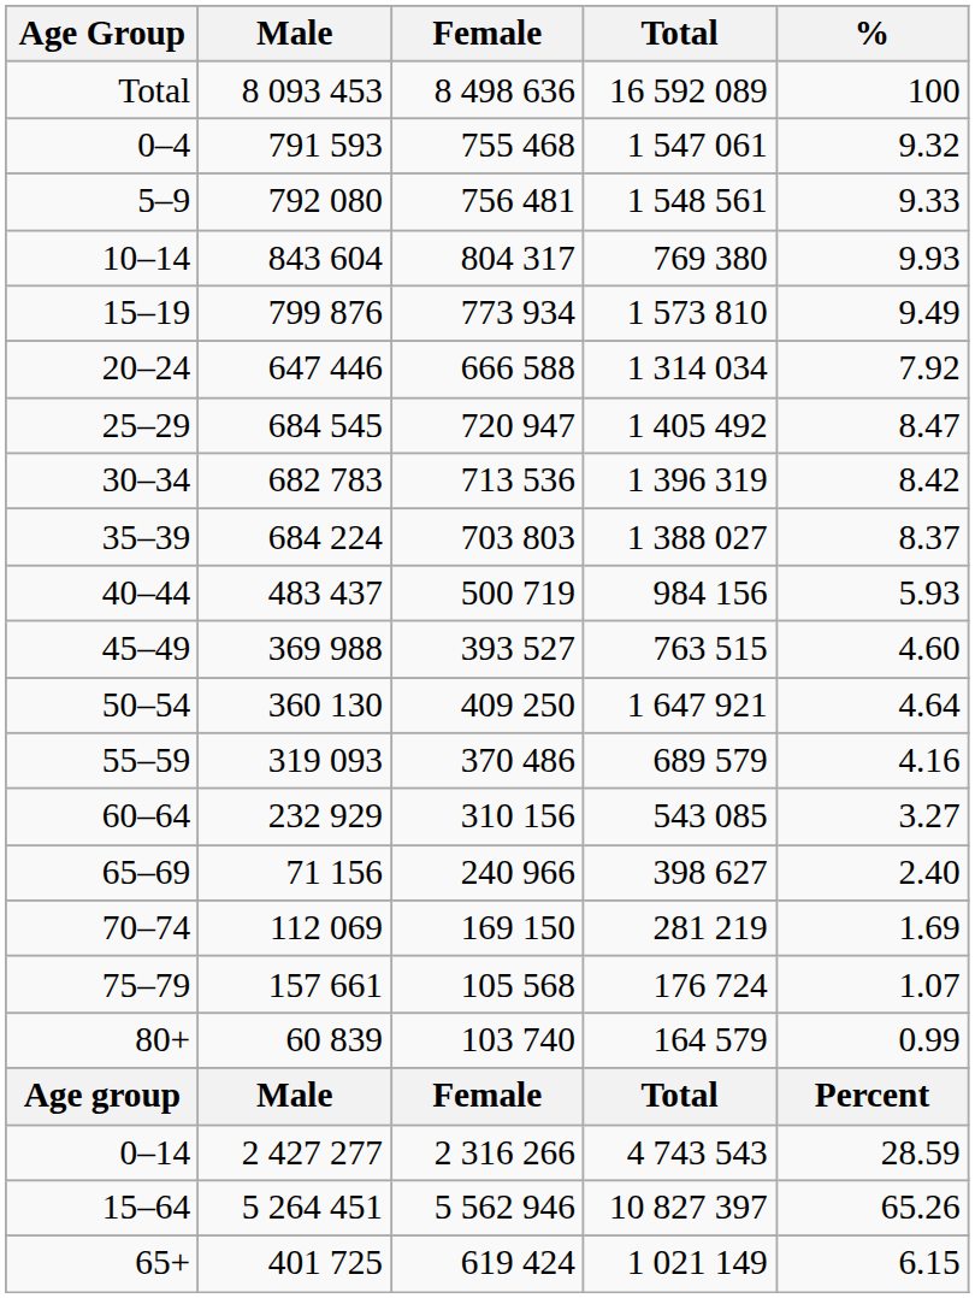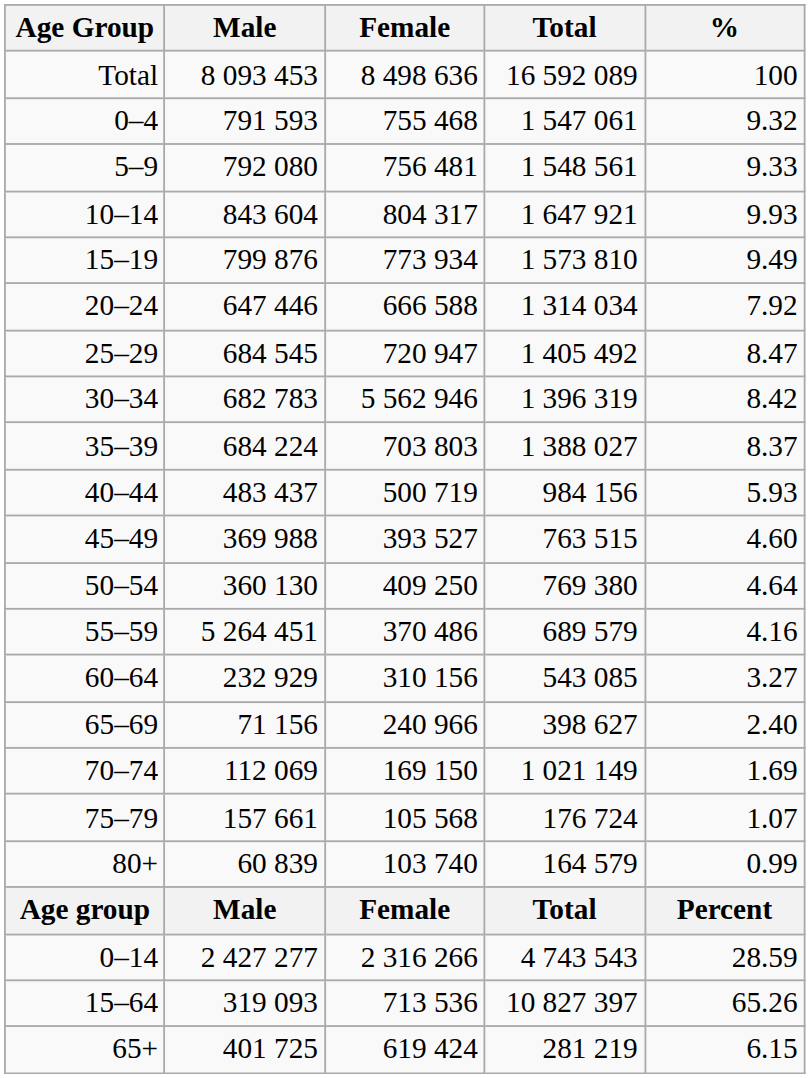 <table class="wikitable">
 <tr>
 <th width="80pt">Age Group</th>
 <th width="80pt">Male</th>
 <th width="80pt">Female</th>
 <th width="80pt">Total</th>
 <th width="80pt">%</th>
 </tr>
 <tr>
 <td align="right">Total</td>
 <td align="right">8 093 453</td>
 <td align="right">8 498 636</td>
 <td align="right">16 592 089</td>
 <td align="right">100</td>
 </tr>
 <tr>
 <td align="right">0–4</td>
 <td align="right">791 593</td>
 <td align="right">755 468</td>
 <td align="right">1 547 061</td>
 <td align="right">9.32</td>
 </tr>
 <tr>
 <td align="right">5–9</td>
 <td align="right">792 080</td>
 <td align="right">756 481</td>
 <td align="right">1 548 561</td>
 <td align="right">9.33</td>
 </tr>
 <tr>
 <td align="right">10–14</td>
 <td align="right">843 604</td>
 <td align="right">804 317</td>
-<td align="right">769 380</td>
+<td align="right">1 647 921</td>
 <td align="right">9.93</td>
 </tr>
 <tr>
 <td align="right">15–19</td>
 <td align="right">799 876</td>
 <td align="right">773 934</td>
 <td align="right">1 573 810</td>
 <td align="right">9.49</td>
 </tr>
 <tr>
 <td align="right">20–24</td>
 <td align="right">647 446</td>
 <td align="right">666 588</td>
 <td align="right">1 314 034</td>
 <td align="right">7.92</td>
 </tr>
 <tr>
 <td align="right">25–29</td>
 <td align="right">684 545</td>
 <td align="right">720 947</td>
 <td align="right">1 405 492</td>
 <td align="right">8.47</td>
 </tr>
 <tr>
 <td align="right">30–34</td>
 <td align="right">682 783</td>
-<td align="right">713 536</td>
+<td align="right">5 562 946</td>
 <td align="right">1 396 319</td>
 <td align="right">8.42</td>
 </tr>
 <tr>
 <td align="right">35–39</td>
 <td align="right">684 224</td>
 <td align="right">703 803</td>
 <td align="right">1 388 027</td>
 <td align="right">8.37</td>
 </tr>
 <tr>
 <td align="right">40–44</td>
 <td align="right">483 437</td>
 <td align="right">500 719</td>
 <td align="right">984 156</td>
 <td align="right">5.93</td>
 </tr>
 <tr>
 <td align="right">45–49</td>
 <td align="right">369 988</td>
 <td align="right">393 527</td>
 <td align="right">763 515</td>
 <td align="right">4.60</td>
 </tr>
 <tr>
 <td align="right">50–54</td>
 <td align="right">360 130</td>
 <td align="right">409 250</td>
-<td align="right">1 647 921</td>
+<td align="right">769 380</td>
 <td align="right">4.64</td>
 </tr>
 <tr>
 <td align="right">55–59</td>
-<td align="right">319 093</td>
+<td align="right">5 264 451</td>
 <td align="right">370 486</td>
 <td align="right">689 579</td>
 <td align="right">4.16</td>
 </tr>
 <tr>
 <td align="right">60–64</td>
 <td align="right">232 929</td>
 <td align="right">310 156</td>
 <td align="right">543 085</td>
 <td align="right">3.27</td>
 </tr>
 <tr>
 <td align="right">65–69</td>
 <td align="right">71 156</td>
 <td align="right">240 966</td>
 <td align="right">398 627</td>
 <td align="right">2.40</td>
 </tr>
 <tr>
 <td align="right">70–74</td>
 <td align="right">112 069</td>
 <td align="right">169 150</td>
-<td align="right">281 219</td>
+<td align="right">1 021 149</td>
 <td align="right">1.69</td>
 </tr>
 <tr>
 <td align="right">75–79</td>
 <td align="right">157 661</td>
 <td align="right">105 568</td>
 <td align="right">176 724</td>
 <td align="right">1.07</td>
 </tr>
 <tr>
 <td align="right">80+</td>
 <td align="right">60 839</td>
 <td align="right">103 740</td>
 <td align="right">164 579</td>
 <td align="right">0.99</td>
 </tr>
 <tr>
 <th width="50">Age group</th>
 <th width="80pt">Male</th>
 <th width="80">Female</th>
 <th width="80">Total</th>
 <th width="50">Percent</th>
 </tr>
 <tr>
 <td align="right">0–14</td>
 <td align="right">2 427 277</td>
 <td align="right">2 316 266</td>
 <td align="right">4 743 543</td>
 <td align="right">28.59</td>
 </tr>
 <tr>
 <td align="right">15–64</td>
-<td align="right">5 264 451</td>
-<td align="right">5 562 946</td>
+<td align="right">319 093</td>
+<td align="right">713 536</td>
 <td align="right">10 827 397</td>
 <td align="right">65.26</td>
 </tr>
 <tr>
 <td align="right">65+</td>
 <td align="right">401 725</td>
 <td align="right">619 424</td>
-<td align="right">1 021 149</td>
+<td align="right">281 219</td>
 <td align="right">6.15</td>
 </tr>
 <tr>
 </tr>
 </table>
